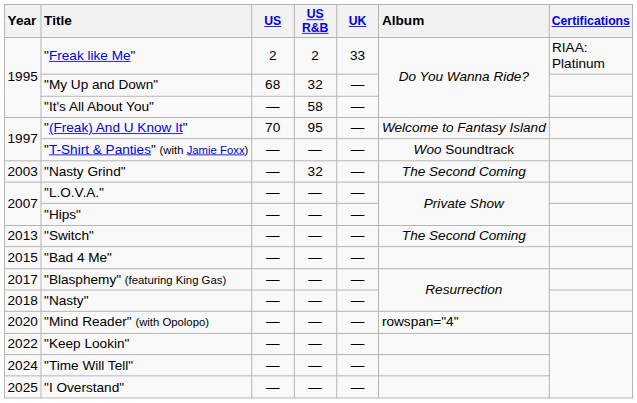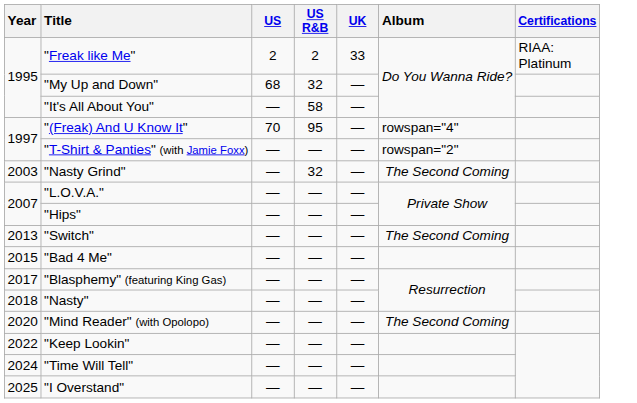 <table class="wikitable">
 <tr>
 <th style="text-align:left;">Year</th>
 <th style="text-align:left;">Title</th>
 <th scope="col" style="width:3em;font-size:90%;"><a href='#'>US</a></th>
 <th scope="col" style="width:3em;font-size:90%;"><a href='#'>US R&B</a></th>
 <th scope="col" style="width:3em;font-size:90%;"><a href='#'>UK</a></th>
 <th style="text-align:left;">Album</th>
 <th scope="col" style="width:3em;font-size:90%;"><a href='#'>Certifications</a></th>
 </tr>
 <tr>
 <td style="text-align:center;" rowspan="3">1995</td>
 <td style="text-align:left;">"<a href='#'>Freak like Me</a>"</td>
 <td style="text-align:center;">2</td>
 <td style="text-align:center;">2</td>
 <td style="text-align:center;">33</td>
 <td rowspan="3" style="text-align:center;"><em>Do You Wanna Ride?</em></td>
 <td>RIAA: Platinum</td>
 </tr>
 <tr>
 <td style="text-align:left; ">"My Up and Down"</td>
 <td style="text-align:center;">68</td>
 <td style="text-align:center;">32</td>
 <td style="text-align:center;">—</td>
 <td></td>
 </tr>
 <tr>
 <td style="text-align:left; ">"It's All About You"</td>
 <td style="text-align:center;">—</td>
 <td style="text-align:center;">58</td>
 <td style="text-align:center;">—</td>
 <td></td>
 </tr>
 <tr>
 <td style="text-align:center;" rowspan="2">1997</td>
 <td style="text-align:left;">"<a href='#'>(Freak) And U Know It</a>"</td>
 <td style="text-align:center;">70</td>
 <td style="text-align:center;">95</td>
 <td style="text-align:center;">—</td>
-<td style="text-align:center;"><em>Welcome to Fantasy Island</em></td>
+<td>rowspan="4" </td>
 <td></td>
 </tr>
 <tr>
 <td style="text-align:left;">"<a href='#'>T-Shirt & Panties</a>" <small>(with <a href='#'>Jamie Foxx</a>)</small></td>
 <td style="text-align:center;">—</td>
 <td style="text-align:center;">—</td>
 <td style="text-align:center;">—</td>
-<td style="text-align:center;"><em>Woo</em> Soundtrack</td>
+<td>rowspan="2" </td>
 <td></td>
 </tr>
 <tr>
 <td style="text-align:center;">2003</td>
 <td style="text-align:left;">"Nasty Grind"</td>
 <td style="text-align:center;">—</td>
 <td style="text-align:center;">32</td>
 <td style="text-align:center;">—</td>
 <td style="text-align:center;"><em>The Second Coming</em></td>
 <td></td>
 </tr>
 <tr>
 <td style="text-align:center;" rowspan="2">2007</td>
 <td style="text-align:left;">"L.O.V.A."</td>
 <td style="text-align:center;">—</td>
 <td style="text-align:center;">—</td>
 <td style="text-align:center;">—</td>
 <td rowspan="2" style="text-align:center;"><em>Private Show</em></td>
 <td></td>
 </tr>
 <tr>
 <td style="text-align:left; ">"Hips"</td>
 <td style="text-align:center;">—</td>
 <td style="text-align:center;">—</td>
 <td style="text-align:center;">—</td>
 <td></td>
 </tr>
 <tr>
 <td style="text-align:center;">2013</td>
 <td style="text-align:left;">"Switch"</td>
 <td style="text-align:center;">—</td>
 <td style="text-align:center;">—</td>
 <td style="text-align:center;">—</td>
 <td style="text-align:center;"><em>The Second Coming</em></td>
 <td></td>
 </tr>
 <tr>
 <td style="text-align:center;">2015</td>
 <td style="text-align:left;">"Bad 4 Me"</td>
 <td style="text-align:center;">—</td>
 <td style="text-align:center;">—</td>
 <td style="text-align:center;">—</td>
 <td></td>
 </tr>
 <tr>
 <td style="text-align:center;">2017</td>
 <td style="text-align:left;">"Blasphemy" <small>(featuring King Gas)</small></td>
 <td style="text-align:center;">—</td>
 <td style="text-align:center;">—</td>
 <td style="text-align:center;">—</td>
 <td rowspan="2" style="text-align:center;"><em>Resurrection</em></td>
 <td></td>
 </tr>
 <tr>
 <td style="text-align:center;">2018</td>
 <td style="text-align:left;">"Nasty"</td>
 <td style="text-align:center;">—</td>
 <td style="text-align:center;">—</td>
 <td style="text-align:center;">—</td>
 <td></td>
 </tr>
 <tr>
 <td style="text-align:center;">2020</td>
 <td style="text-align:left;">"Mind Reader" <small>(with Opolopo)</small></td>
 <td style="text-align:center;">—</td>
 <td style="text-align:center;">—</td>
 <td style="text-align:center;">—</td>
-<td>rowspan="4" </td>
+<td style="text-align:center;"><em>The Second Coming</em></td>
 <td></td>
 </tr>
 <tr>
 <td style="text-align:center;">2022</td>
 <td style="text-align:left;">"Keep Lookin"</td>
 <td style="text-align:center;">—</td>
 <td style="text-align:center;">—</td>
 <td style="text-align:center;">—</td>
 <td></td>
 </tr>
 <tr>
 <td style="text-align:center;">2024</td>
 <td style="text-align:left;">"Time Will Tell"</td>
 <td style="text-align:center;">—</td>
 <td style="text-align:center;">—</td>
 <td style="text-align:center;">—</td>
 <td></td>
 </tr>
 <tr>
 <td style="text-align:center;">2025</td>
 <td style="text-align:left;">"I Overstand"</td>
 <td style="text-align:center;">—</td>
 <td style="text-align:center;">—</td>
 <td style="text-align:center;">—</td>
 <td></td>
 </tr>
 </table>
